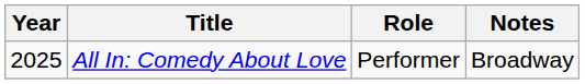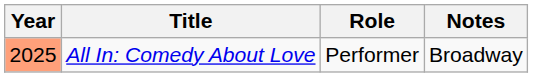 <table class="wikitable">
 <tr>
 <th scope="col">Year</th>
 <th scope="col">Title</th>
 <th scope="col">Role</th>
 <th scope="col" class="unsortable">Notes</th>
 </tr>
 <tr>
-<td>2025</td>
+<td style="background: lightsalmon;">2025</td>
 <td><em><a href='#'>All In: Comedy About Love</a></em></td>
 <td>Performer</td>
 <td>Broadway</td>
 </tr>
 </table>
